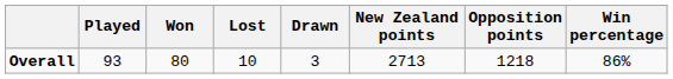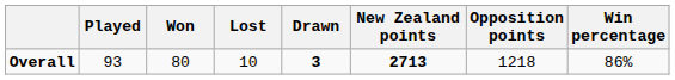 <table class="wikitable">
 <tr>
 <th width="50"></th>
 <th width="50">Played</th>
 <th width="50">Won</th>
 <th width="50">Lost</th>
 <th width="50">Drawn</th>
 <th width="90">New Zealand <br> points</th>
 <th width="75">Opposition <br> points</th>
 <th width="75">Win <br> percentage</th>
 </tr>
 <tr>
 <td align="center"><strong>Overall</strong></td>
 <td align="center">93</td>
 <td align="center">80</td>
 <td align="center">10</td>
-<td align="center">3</td>
-<td align="center">2713</td>
+<td align="center"><strong>3</strong></td>
+<td align="center"><strong>2713</strong></td>
 <td align="center">1218</td>
 <td align="center">86%</td>
 </tr>
 </table>
